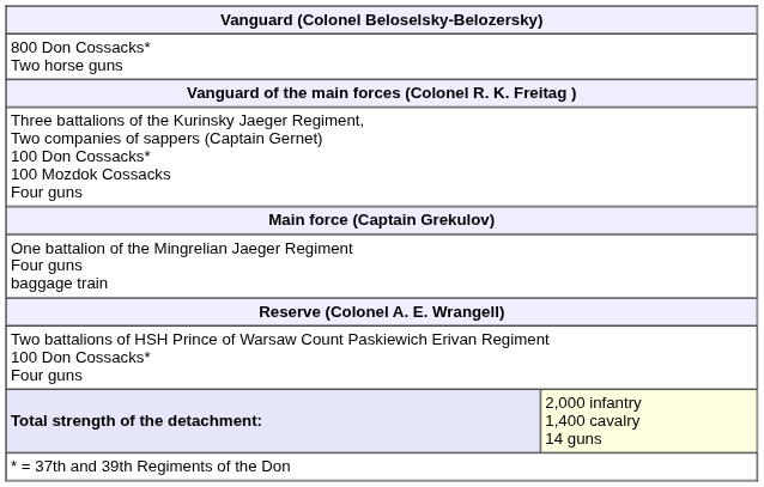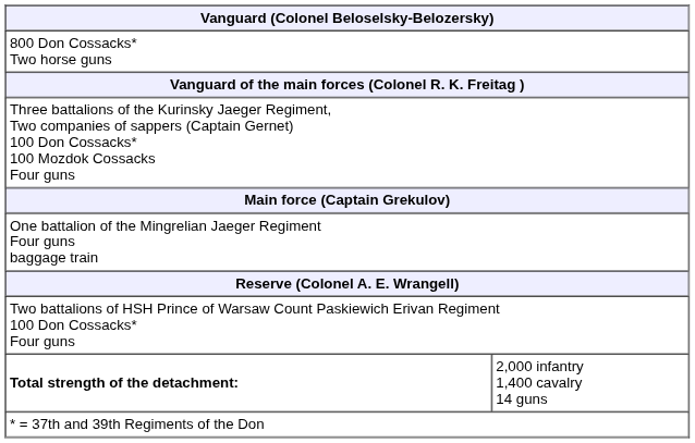 <table width = "60%" border="1" cellpadding="4" cellspacing="0">
 <tr>
 <th colspan = "2" style="background:#EEEEFF;">Vanguard (Colonel Beloselsky-Belozersky)</th>
 </tr>
 <tr>
 <td colspan = "2">800 Don Cossacks*<br>Two horse guns</td>
 </tr>
 <tr>
 <th colspan = "2" style="background:#EEEEFF;">Vanguard of the main forces (Colonel R. K. Freitag )</th>
 </tr>
 <tr>
 <td colspan = "2">Three battalions of the Kurinsky Jaeger Regiment,<br>Two companies of sappers (Captain Gernet)<br>100 Don Cossacks*<br>100 Mozdok Cossacks<br>Four guns</td>
 </tr>
 <tr>
 <th colspan = "2" style="background:#EEEEFF;">Main force (Captain Grekulov)</th>
 </tr>
 <tr>
 <td colspan = "2">One battalion of the Mingrelian Jaeger Regiment<br>Four guns<br>baggage train</td>
 </tr>
 <tr>
 <th colspan = "2" style="background:#EEEEFF;">Reserve (Colonel A. E. Wrangell)</th>
 </tr>
 <tr>
 <td colspan = "2">Two battalions of HSH Prince of Warsaw Count Paskiewich Erivan Regiment<br>100 Don Cossacks*<br>Four guns</td>
 </tr>
 <tr>
 </tr>
 <tr>
-<td style="background: lavender;"><strong>Total strength of the detachment:</strong></td>
-<td style="background: lightyellow;">2,000 infantry<br>1,400 cavalry<br>14 guns</td>
+<td><strong>Total strength of the detachment:</strong></td>
+<td>2,000 infantry<br>1,400 cavalry<br>14 guns</td>
 </tr>
 <tr>
 <td colspan = "2">* = 37th and 39th Regiments of the Don</td>
 </tr>
 <tr>
 </tr>
 </table>
